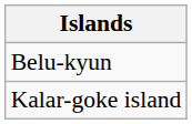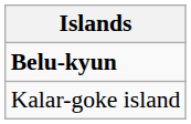 <table class="wikitable">
 <tr>
 <th>Islands</th>
 </tr>
 <tr>
-<td>Belu-kyun</td>
+<td><strong>Belu-kyun</strong></td>
 </tr>
 <tr>
 <td>Kalar-goke island</td>
 </tr>
 </table>
